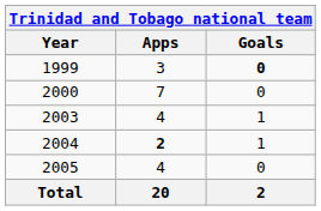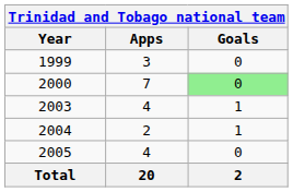 <table class="wikitable" style="text-align:center">
 <tr>
 <th colspan=3><a href='#'>Trinidad and Tobago national team</a></th>
 </tr>
 <tr>
 <th>Year</th>
 <th>Apps</th>
 <th>Goals</th>
 </tr>
 <tr>
 <td>1999</td>
 <td>3</td>
-<td><strong>0</strong></td>
+<td>0</td>
 </tr>
 <tr>
 <td>2000</td>
 <td>7</td>
-<td>0</td>
+<td style="background: lightgreen;">0</td>
 </tr>
 <tr>
 <td>2003</td>
 <td>4</td>
 <td>1</td>
 </tr>
 <tr>
 <td>2004</td>
-<td><strong>2</strong></td>
+<td>2</td>
 <td>1</td>
 </tr>
 <tr>
 <td>2005</td>
 <td>4</td>
 <td>0</td>
 </tr>
 <tr>
 <th>Total</th>
 <th>20</th>
 <th>2</th>
 </tr>
 </table>
